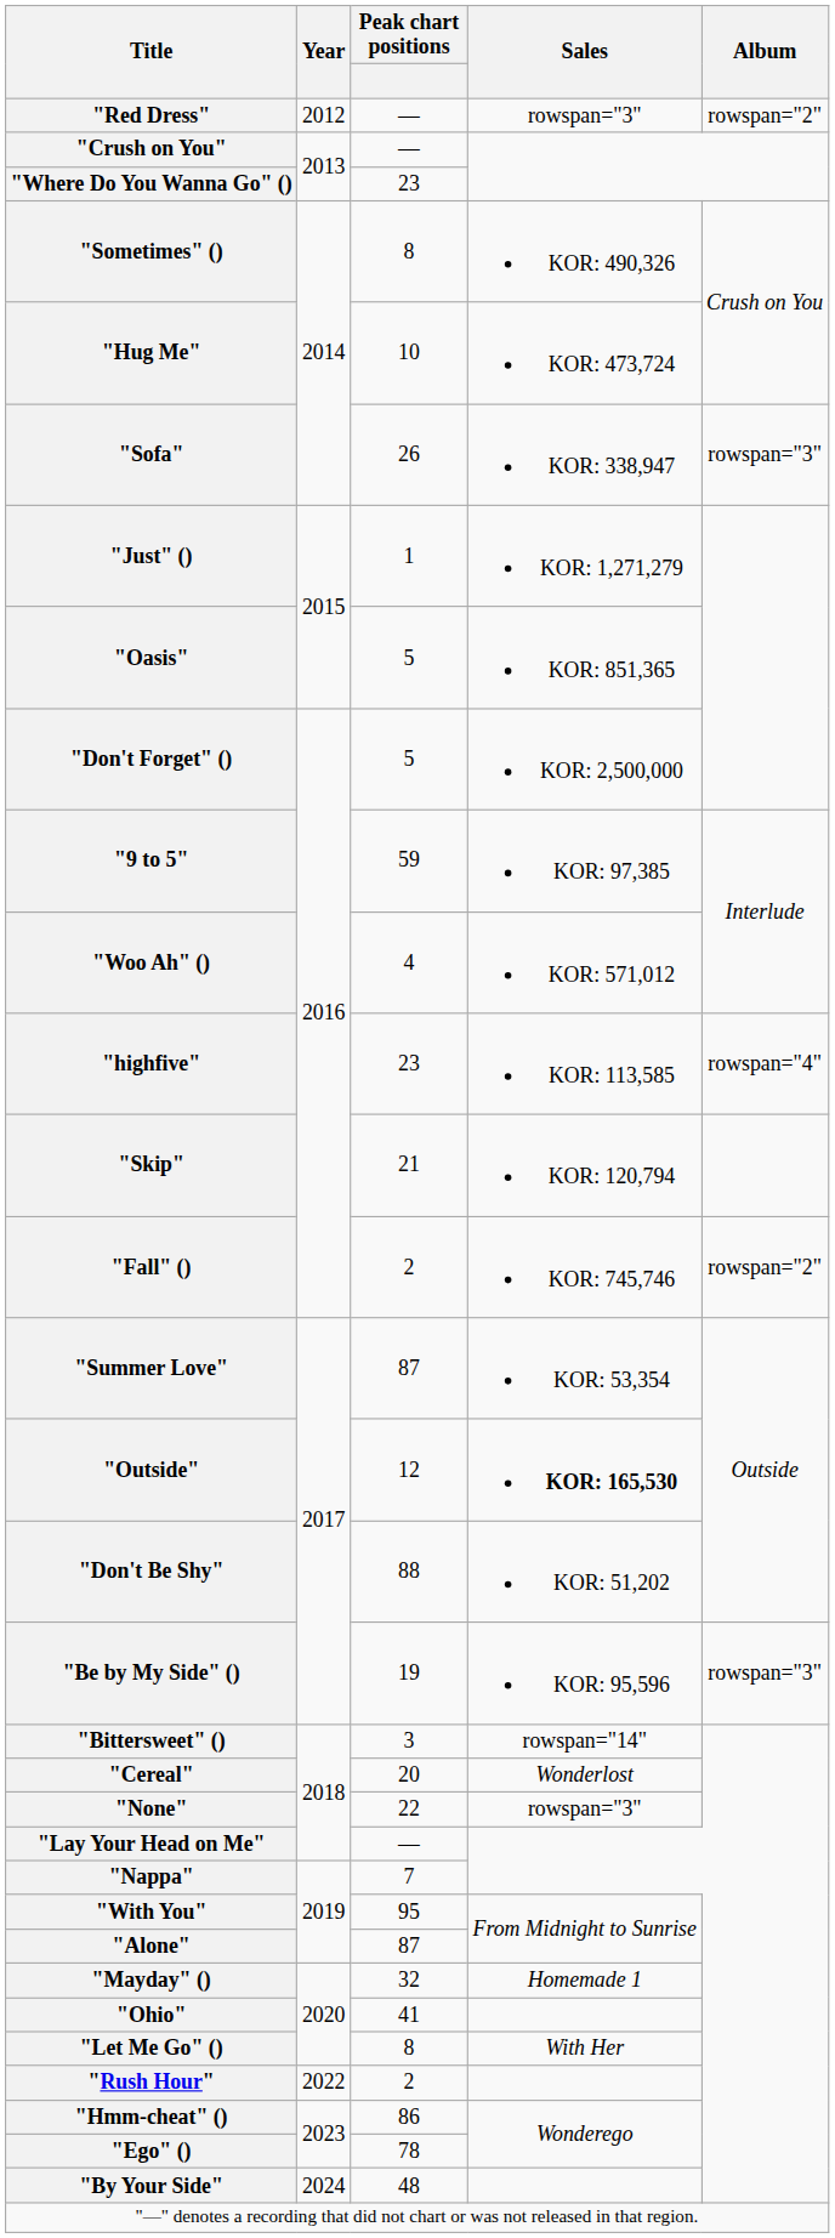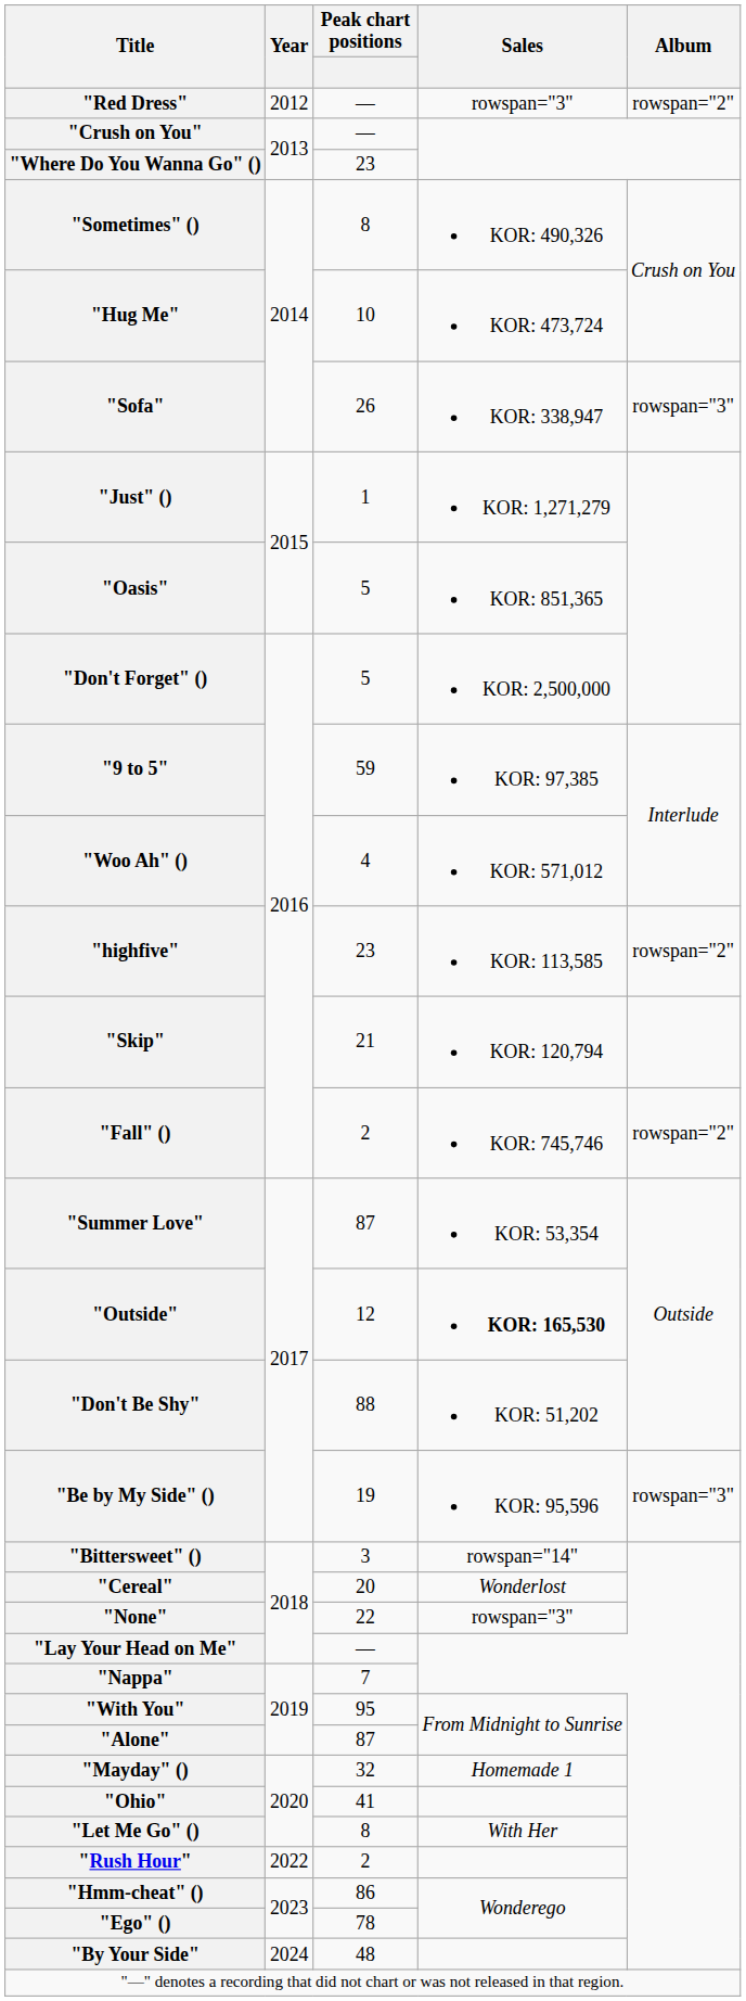 <table class="wikitable plainrowheaders" style="text-align:center">
 <tr>
 <th scope="col" rowspan="2">Title</th>
 <th scope="col" rowspan="2">Year</th>
 <th scope="col" colspan="1" style="width:5em">Peak chart positions</th>
 <th scope="col" rowspan="2">Sales</th>
 <th scope="col" rowspan="2">Album</th>
 </tr>
 <tr>
 <th><br></th>
 </tr>
 <tr>
 <th scope="row">"Red Dress"</th>
 <td>2012</td>
 <td>—</td>
 <td>rowspan="3" </td>
 <td>rowspan="2" </td>
 </tr>
 <tr>
 <th scope="row">"Crush on You"</th>
 <td rowspan="2">2013</td>
 <td>—</td>
 </tr>
 <tr>
 <th scope="row">"Where Do You Wanna Go" () </th>
 <td>23</td>
 </tr>
 <tr>
 <th scope="row">"Sometimes" ()</th>
 <td rowspan="3">2014</td>
 <td>8</td>
 <td><br><ul><li>KOR: 490,326</li></ul></td>
 <td rowspan="2"><em>Crush on You</em></td>
 </tr>
 <tr>
 <th scope="row">"Hug Me" </th>
 <td>10</td>
 <td><br><ul><li>KOR: 473,724</li></ul></td>
 </tr>
 <tr>
 <th scope="row">"Sofa"</th>
 <td>26</td>
 <td><br><ul><li>KOR: 338,947</li></ul></td>
 <td>rowspan="3" </td>
 </tr>
 <tr>
 <th scope="row">"Just" () </th>
 <td rowspan="2">2015</td>
 <td>1</td>
 <td><br><ul><li>KOR: 1,271,279</li></ul></td>
 </tr>
 <tr>
 <th scope="row">"Oasis" </th>
 <td>5</td>
 <td><br><ul><li>KOR: 851,365</li></ul></td>
 </tr>
 <tr>
 <th scope="row">"Don't Forget" () </th>
 <td rowspan="6" scope="col">2016</td>
 <td>5</td>
 <td><br><ul><li>KOR: 2,500,000</li></ul></td>
 </tr>
 <tr>
 <th scope="row">"9 to 5" </th>
 <td>59</td>
 <td><br><ul><li>KOR: 97,385</li></ul></td>
 <td rowspan="2"><em>Interlude</em></td>
 </tr>
 <tr>
 <th scope="row">"Woo Ah" ()</th>
 <td>4</td>
 <td><br><ul><li>KOR: 571,012</li></ul></td>
 </tr>
 <tr>
 <th scope="row">"highfive" </th>
 <td>23</td>
 <td><br><ul><li>KOR: 113,585</li></ul></td>
-<td>rowspan="4" </td>
+<td>rowspan="2" </td>
 </tr>
 <tr>
 <th scope="row">"Skip" </th>
 <td>21</td>
 <td><br><ul><li>KOR: 120,794</li></ul></td>
 </tr>
 <tr>
 <th scope="row">"Fall" ()</th>
 <td>2</td>
 <td><br><ul><li>KOR: 745,746</li></ul></td>
 <td>rowspan="2" </td>
 </tr>
 <tr>
 <th scope="row">"Summer Love"</th>
 <td rowspan="4">2017</td>
 <td>87</td>
 <td><br><ul><li>KOR: 53,354</li></ul></td>
 <td rowspan="3"><em>Outside</em></td>
 </tr>
 <tr>
 <th scope="row">"Outside" </th>
 <td>12</td>
 <td><strong><br><ul><li>KOR: 165,530</li></ul></strong></td>
 </tr>
 <tr>
 <th scope="row">"Don't Be Shy" </th>
 <td>88</td>
 <td><br><ul><li>KOR: 51,202</li></ul></td>
 </tr>
 <tr>
 <th scope="row">"Be by My Side" ()</th>
 <td>19</td>
 <td><br><ul><li>KOR: 95,596</li></ul></td>
 <td>rowspan="3" </td>
 </tr>
 <tr>
 <th scope="row">"Bittersweet" ()</th>
 <td rowspan="4">2018</td>
 <td>3</td>
 <td>rowspan="14" </td>
 </tr>
 <tr>
 <th scope="row">"Cereal" </th>
 <td>20</td>
 <td><em>Wonderlost</em></td>
 </tr>
 <tr>
 <th scope="row">"None"</th>
 <td>22</td>
 <td>rowspan="3" </td>
 </tr>
 <tr>
 <th scope="row">"Lay Your Head on Me"</th>
 <td>—</td>
 </tr>
 <tr>
 <th scope="row">"Nappa"</th>
 <td rowspan="3" scope="col">2019</td>
 <td>7</td>
 </tr>
 <tr>
 <th scope="row">"With You"</th>
 <td>95</td>
 <td rowspan="2"><em>From Midnight to Sunrise</em></td>
 </tr>
 <tr>
 <th scope="row">"Alone"</th>
 <td>87</td>
 </tr>
 <tr>
 <th scope="row">"Mayday" () </th>
 <td rowspan="3">2020</td>
 <td>32</td>
 <td><em>Homemade 1</em></td>
 </tr>
 <tr>
 <th scope="row">"Ohio"</th>
 <td>41</td>
 <td></td>
 </tr>
 <tr>
 <th scope="row">"Let Me Go" () </th>
 <td>8</td>
 <td><em>With Her</em></td>
 </tr>
 <tr>
 <th scope="row">"<a href='#'>Rush Hour</a>" </th>
 <td>2022</td>
 <td>2</td>
 <td></td>
 </tr>
 <tr>
 <th scope="row">"Hmm-cheat" ()</th>
 <td rowspan="2">2023</td>
 <td>86</td>
 <td rowspan="2"><em>Wonderego</em></td>
 </tr>
 <tr>
 <th scope="row">"Ego" ()</th>
 <td>78</td>
 </tr>
 <tr>
 <th scope="row">"By Your Side"</th>
 <td>2024</td>
 <td>48</td>
 <td></td>
 </tr>
 <tr>
 <td colspan="5" style="font-size:85%">"—" denotes a recording that did not chart or was not released in that region.</td>
 </tr>
 </table>
